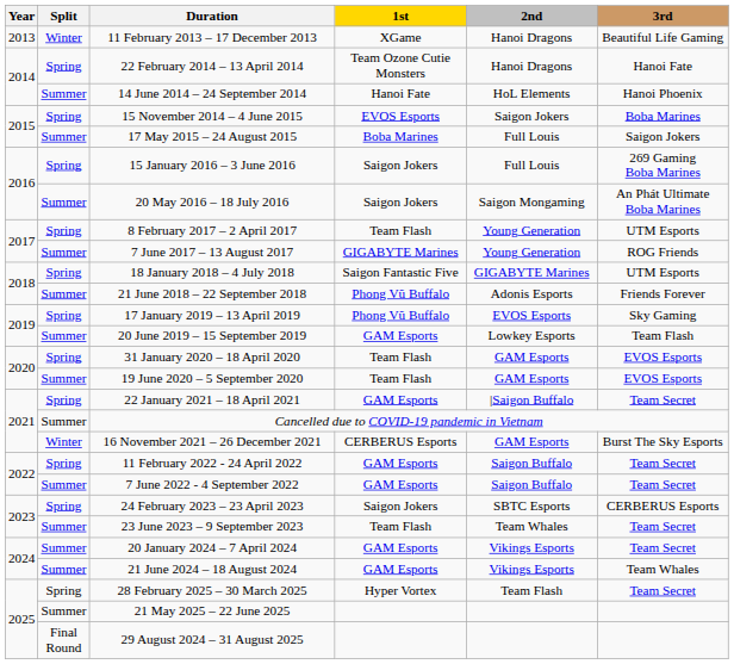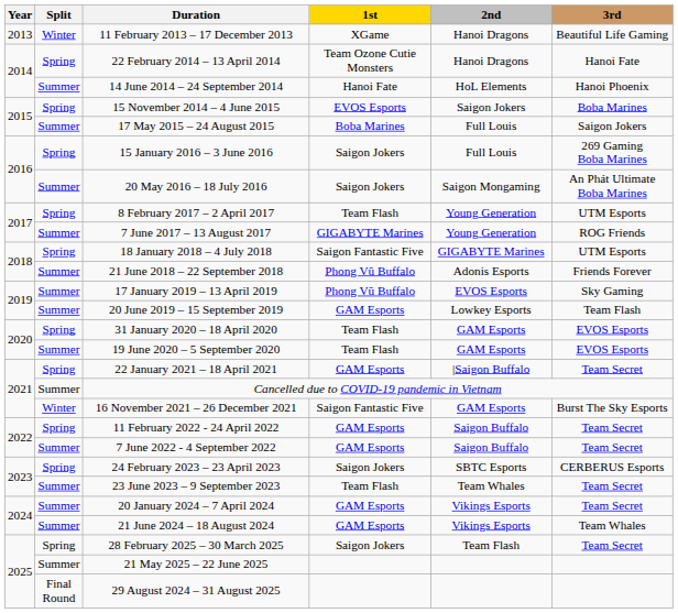 <table class="wikitable plainrowheaders" style="text-align:center">
 <tr>
 <th>Year</th>
 <th>Split</th>
 <th style="width:20em;">Duration</th>
 <th style="width:10em; background:gold;">1st</th>
 <th style="width:10em; background:silver;">2nd</th>
 <th style="width:10em; background:#c96;">3rd</th>
 </tr>
 <tr>
 <td>2013</td>
 <td><a href='#'>Winter</a></td>
 <td style="text-align:center">11 February 2013 – 17 December 2013</td>
 <td style="text-align:center">XGame</td>
 <td style="text-align:center">Hanoi Dragons</td>
 <td style="text-align:center">Beautiful Life Gaming</td>
 </tr>
 <tr>
 <td rowspan="2">2014</td>
 <td><a href='#'>Spring</a></td>
 <td style="text-align:center">22 February 2014 – 13 April 2014</td>
 <td style="text-align:center">Team Ozone Cutie Monsters</td>
 <td style="text-align:center">Hanoi Dragons</td>
 <td style="text-align:center">Hanoi Fate</td>
 </tr>
 <tr>
 <td><a href='#'>Summer</a></td>
 <td style="text-align:center">14 June 2014 – 24 September 2014</td>
 <td style="text-align:center">Hanoi Fate</td>
 <td style="text-align:center">HoL Elements</td>
 <td style="text-align:center">Hanoi Phoenix</td>
 </tr>
 <tr>
 <td rowspan="2">2015</td>
 <td><a href='#'>Spring</a></td>
 <td style="text-align:center">15 November 2014 – 4 June 2015</td>
 <td style="text-align:center"><a href='#'>EVOS Esports</a></td>
 <td style="text-align:center">Saigon Jokers</td>
 <td style="text-align:center"><a href='#'>Boba Marines</a></td>
 </tr>
 <tr>
 <td><a href='#'>Summer</a></td>
 <td style="text-align:center">17 May 2015 – 24 August 2015</td>
 <td style="text-align:center"><a href='#'>Boba Marines</a></td>
 <td style="text-align:center">Full Louis</td>
 <td style="text-align:center">Saigon Jokers</td>
 </tr>
 <tr>
 <td rowspan="2">2016</td>
 <td><a href='#'>Spring</a></td>
 <td style="text-align:center">15 January 2016 – 3 June 2016</td>
 <td style="text-align:center">Saigon Jokers</td>
 <td style="text-align:center">Full Louis</td>
 <td style="text-align:center">269 Gaming <br> <a href='#'>Boba Marines</a></td>
 </tr>
 <tr>
 <td><a href='#'>Summer</a></td>
 <td style="text-align:center">20 May 2016 – 18 July 2016</td>
 <td style="text-align:center">Saigon Jokers</td>
 <td style="text-align:center">Saigon Mongaming</td>
 <td style="text-align:center">An Phát Ultimate <br> <a href='#'>Boba Marines</a></td>
 </tr>
 <tr>
 <td rowspan="2">2017</td>
 <td><a href='#'>Spring</a></td>
 <td style="text-align:center">8 February 2017  – 2 April 2017</td>
 <td style="text-align:center">Team Flash</td>
 <td style="text-align:center"><a href='#'>Young Generation</a></td>
 <td style="text-align:center">UTM Esports</td>
 </tr>
 <tr>
 <td><a href='#'>Summer</a></td>
 <td style="text-align:center">7 June 2017 – 13 August 2017</td>
 <td style="text-align:center"><a href='#'>GIGABYTE Marines</a></td>
 <td style="text-align:center"><a href='#'>Young Generation</a></td>
 <td style="text-align:center">ROG Friends</td>
 </tr>
 <tr>
 <td rowspan="2">2018</td>
 <td><a href='#'>Spring</a></td>
 <td style="text-align:center">18 January 2018 – 4 July 2018</td>
 <td style="text-align:center">Saigon Fantastic Five</td>
 <td style="text-align:center"><a href='#'>GIGABYTE Marines</a></td>
 <td style="text-align:center">UTM Esports</td>
 </tr>
 <tr>
 <td><a href='#'>Summer</a></td>
 <td style="text-align:center">21 June 2018 – 22 September 2018</td>
 <td style="text-align:center"><a href='#'>Phong Vũ Buffalo</a></td>
 <td style="text-align:center">Adonis Esports</td>
 <td style="text-align:center">Friends Forever</td>
 </tr>
 <tr>
 <td rowspan="2">2019</td>
-<td><a href='#'>Spring</a></td>
+<td><a href='#'>Summer</a></td>
 <td style="text-align:center">17 January 2019 – 13 April 2019</td>
 <td style="text-align:center"><a href='#'>Phong Vũ Buffalo</a></td>
 <td style="text-align:center"><a href='#'>EVOS Esports</a></td>
 <td style="text-align:center">Sky Gaming</td>
 </tr>
 <tr>
 <td><a href='#'>Summer</a></td>
 <td style="text-align:center">20 June 2019 – 15 September 2019</td>
 <td style="text-align:center"><a href='#'>GAM Esports</a></td>
 <td style="text-align:center">Lowkey Esports</td>
 <td style="text-align:center">Team Flash</td>
 </tr>
 <tr>
 <td rowspan="2">2020</td>
 <td><a href='#'>Spring</a></td>
 <td>31 January 2020 – 18 April 2020</td>
 <td style="text-align:center">Team Flash</td>
 <td style="text-align:center"><a href='#'>GAM Esports</a></td>
 <td style="text-align:center"><a href='#'>EVOS Esports</a></td>
 </tr>
 <tr>
 <td><a href='#'>Summer</a></td>
 <td>19 June 2020 – 5 September 2020</td>
 <td style="text-align:center">Team Flash</td>
 <td style="text-align:center"><a href='#'>GAM Esports</a></td>
 <td style="text-align:center"><a href='#'>EVOS Esports</a></td>
 </tr>
 <tr>
 <td rowspan="3">2021</td>
 <td><a href='#'>Spring</a></td>
 <td>22 January 2021 – 18 April 2021</td>
 <td style="text-align:center"><a href='#'>GAM Esports</a></td>
 <td style="text-align:center">|<a href='#'>Saigon Buffalo</a></td>
 <td style="text-align:center">⁠<a href='#'>Team Secret</a></td>
 </tr>
 <tr>
 <td>Summer</td>
 <td colspan="4" style="text-align:center"><em>Cancelled due to <a href='#'>COVID-19 pandemic in Vietnam</a></em></td>
 </tr>
 <tr>
 <td><a href='#'>Winter</a></td>
 <td>16 November 2021 – 26 December 2021</td>
-<td>CERBERUS Esports</td>
+<td style="text-align:center">Saigon Fantastic Five</td>
 <td><a href='#'>GAM Esports</a></td>
 <td>Burst The Sky Esports</td>
 </tr>
 <tr>
 <td rowspan="2">2022</td>
 <td><a href='#'>Spring</a></td>
 <td>11 February 2022 - 24 April 2022</td>
 <td><a href='#'>GAM Esports</a></td>
 <td><a href='#'>Saigon Buffalo</a></td>
 <td><a href='#'>Team Secret</a></td>
 </tr>
 <tr>
 <td><a href='#'>Summer</a></td>
 <td>7 June 2022 - 4 September 2022</td>
 <td><a href='#'>GAM Esports</a></td>
 <td><a href='#'>Saigon Buffalo</a></td>
 <td><a href='#'>Team Secret</a></td>
 </tr>
 <tr>
 <td rowspan="2">2023</td>
 <td><a href='#'>Spring</a></td>
 <td>24 February 2023 – 23 April 2023</td>
 <td style="text-align:center">Saigon Jokers</td>
 <td style="text-align:center">SBTC Esports</td>
 <td style="text-align:center">CERBERUS Esports</td>
 </tr>
 <tr>
 <td><a href='#'>Summer</a></td>
 <td>23 June 2023 – 9 September 2023</td>
 <td style="text-align:center">Team Flash</td>
 <td style="text-align:center">Team Whales</td>
 <td style="text-align:center"><a href='#'>Team Secret</a></td>
 </tr>
 <tr>
 <td rowspan="2">2024</td>
 <td><a href='#'>Summer</a></td>
 <td>20 January 2024 – 7 April 2024</td>
 <td style="text-align:center"><a href='#'>GAM Esports</a></td>
 <td style="text-align:center"><a href='#'>Vikings Esports</a></td>
 <td style="text-align:center"><a href='#'>Team Secret</a></td>
 </tr>
 <tr>
 <td><a href='#'>Summer</a></td>
 <td>21 June 2024 – 18 August 2024</td>
 <td style="text-align:center"><a href='#'>GAM Esports</a></td>
 <td style="text-align:center"><a href='#'>Vikings Esports</a></td>
 <td style="text-align:center">Team Whales</td>
 </tr>
 <tr>
 <td rowspan="3">2025</td>
 <td>Spring</td>
 <td>28 February 2025 – 30 March 2025</td>
-<td style="text-align:center">Hyper Vortex</td>
+<td style="text-align:center">Saigon Jokers</td>
 <td style="text-align:center">Team Flash</td>
 <td style="text-align:center"><a href='#'>Team Secret</a></td>
 </tr>
 <tr>
 <td>Summer</td>
 <td>21 May 2025 – 22 June 2025</td>
 <td style="text-align:center"></td>
 <td style="text-align:center"></td>
 <td style="text-align:center"></td>
 </tr>
 <tr>
 <td>Final Round</td>
 <td>29 August 2024 – 31 August 2025</td>
 <td style="text-align:center"></td>
 <td style="text-align:center"></td>
 <td style="text-align:center"><br></td>
 </tr>
 </table>
